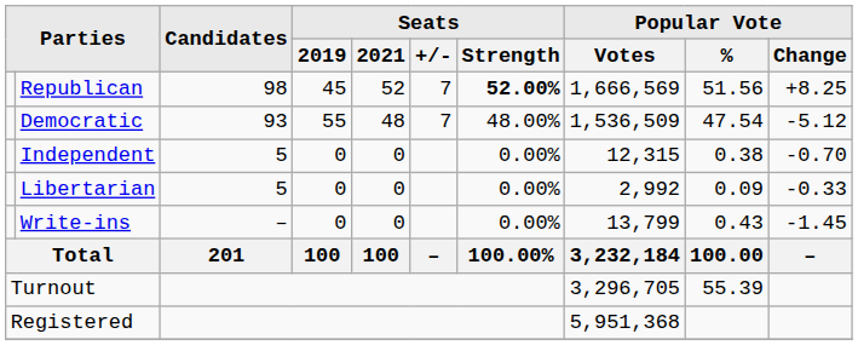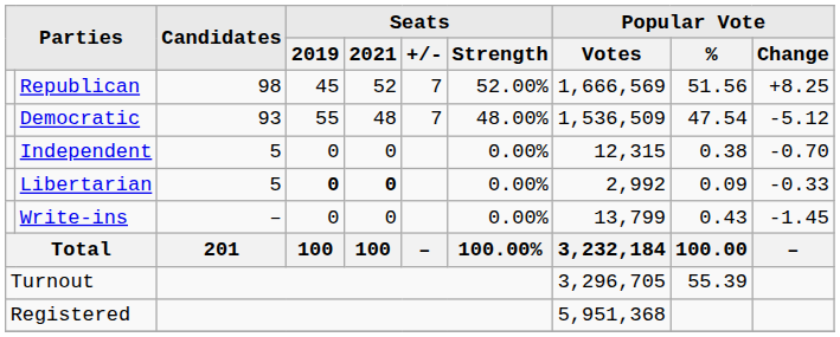 <table class=wikitable>
 <tr>
 <th style="background-color:#E9E9E9" align=center rowspan= 2 colspan=2>Parties</th>
 <th style="background-color:#E9E9E9" align=center rowspan= 2>Candidates</th>
 <th style="background-color:#E9E9E9" align=center colspan=4>Seats</th>
 <th style="background-color:#E9E9E9" align=center colspan=3>Popular Vote</th>
 </tr>
 <tr>
 <th align=center>2019</th>
 <th align=center>2021</th>
 <th align=center>+/-</th>
 <th align=center>Strength</th>
 <th align=center>Votes</th>
 <th align=center>%</th>
 <th align=center>Change</th>
 </tr>
 <tr>
 <td></td>
 <td align=left><a href='#'>Republican</a></td>
 <td align=right>98</td>
 <td align=right>45</td>
 <td align=right>52</td>
 <td align=right> 7</td>
-<td align=right><strong>52.00%</strong></td>
+<td align=right>52.00%</td>
 <td align=right>1,666,569</td>
 <td align=right>51.56</td>
 <td align=right>+8.25</td>
 </tr>
 <tr>
 <td></td>
 <td align=left><a href='#'>Democratic</a></td>
 <td align=right>93</td>
 <td align=right>55</td>
 <td align=right>48</td>
 <td align=right> 7</td>
 <td align=right>48.00%</td>
 <td align=right>1,536,509</td>
 <td align=right>47.54</td>
 <td align=right>-5.12</td>
 </tr>
 <tr>
 <td></td>
 <td><a href='#'>Independent</a></td>
 <td align=right>5</td>
 <td align=right>0</td>
 <td align=right>0</td>
 <td align=right></td>
 <td align=right>0.00%</td>
 <td align=right>12,315</td>
 <td align=right>0.38</td>
 <td align=right>-0.70</td>
 </tr>
 <tr>
 <td></td>
 <td><a href='#'>Libertarian</a></td>
 <td align=right>5</td>
-<td align=right>0</td>
-<td align=right>0</td>
+<td align=right><strong>0</strong></td>
+<td align=right><strong>0</strong></td>
 <td align=right></td>
 <td align=right>0.00%</td>
 <td align=right>2,992</td>
 <td align=right>0.09</td>
 <td align=right>-0.33</td>
 </tr>
 <tr>
 <td></td>
 <td><a href='#'>Write-ins</a></td>
 <td align=right>–</td>
 <td align=right>0</td>
 <td align=right>0</td>
 <td align=right></td>
 <td align=right>0.00%</td>
 <td align=right>13,799</td>
 <td align=right>0.43</td>
 <td align=right>-1.45</td>
 </tr>
 <tr>
 <th align=center colspan="2">Total</th>
 <th align=center>201</th>
 <th align=center>100</th>
 <th align=center>100</th>
 <th align=center>–</th>
 <th align=center>100.00%</th>
 <th align=center>3,232,184</th>
 <th align=center>100.00</th>
 <th align=center>–</th>
 </tr>
 <tr>
 <td align=left colspan="2">Turnout</td>
 <td colspan=5></td>
 <td align=right>3,296,705</td>
 <td align=right>55.39</td>
 <td align=right></td>
 </tr>
 <tr>
 <td align=left colspan="2">Registered</td>
 <td colspan=5></td>
 <td align=right>5,951,368</td>
 <td align=right></td>
 <td align=right></td>
 </tr>
 <tr>
 </tr>
 </table>
